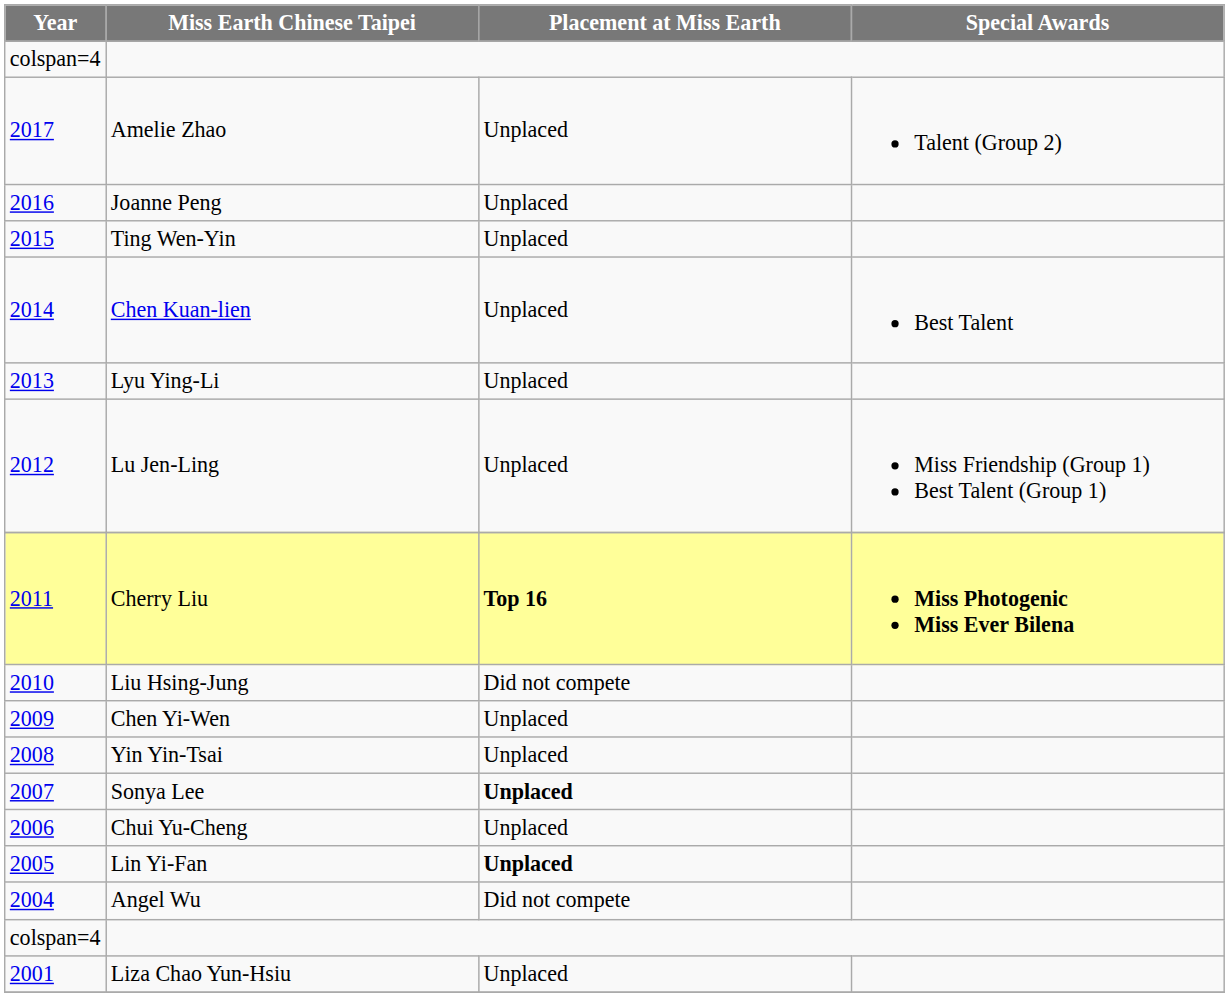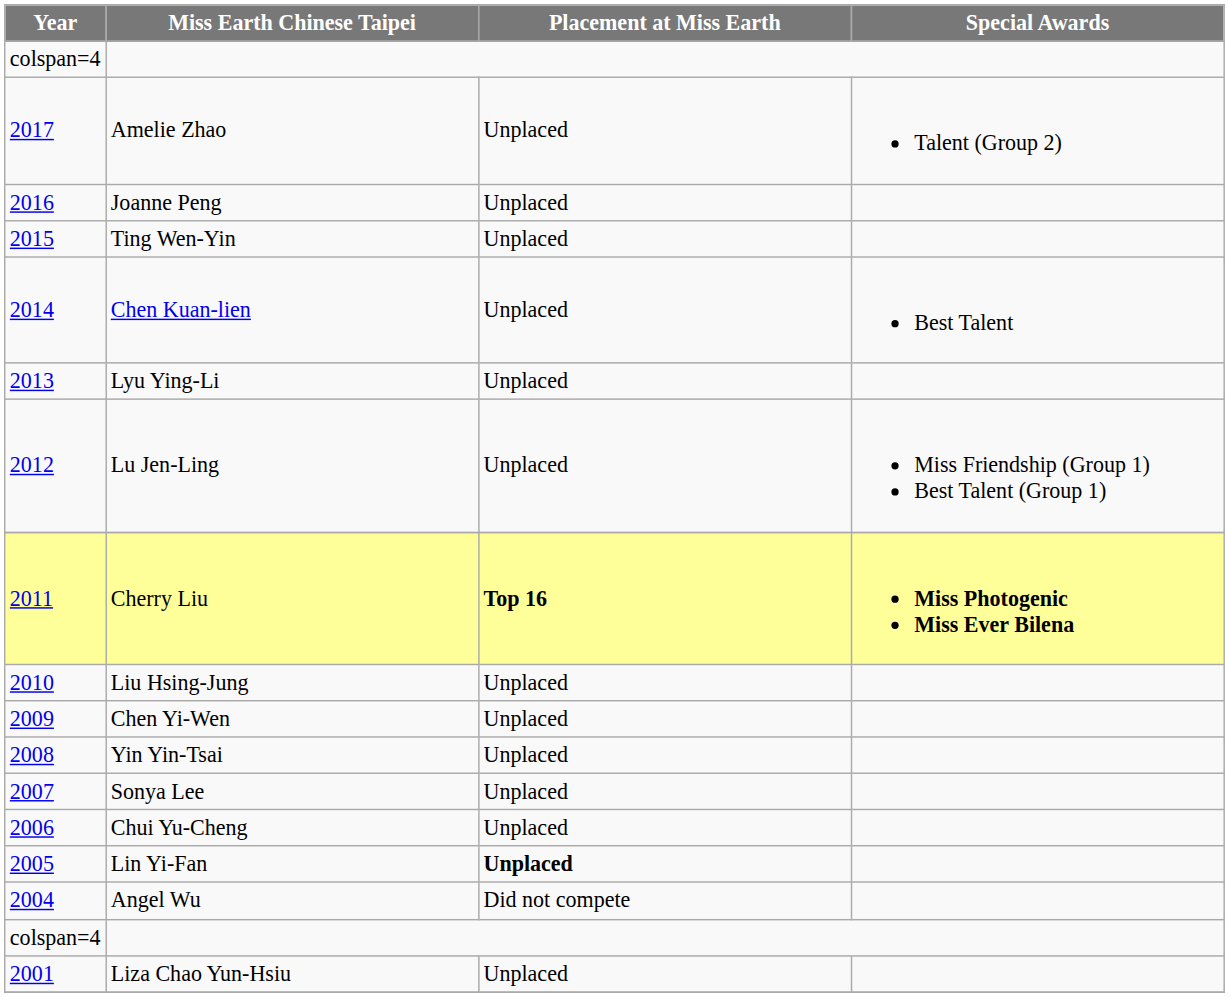 <table class="wikitable " style="font-size: 95%;">
 <tr>
 <th width="60" style="background-color:#787878;color:#FFFFFF;">Year</th>
 <th width="250" style="background-color:#787878;color:#FFFFFF;">Miss Earth Chinese Taipei</th>
 <th width="250" style="background-color:#787878;color:#FFFFFF;">Placement at Miss Earth</th>
 <th width="250" style="background-color:#787878;color:#FFFFFF;">Special Awards</th>
 </tr>
 <tr>
 <td>colspan=4 </td>
 </tr>
 <tr>
 <td><a href='#'>2017</a></td>
 <td>Amelie Zhao</td>
 <td>Unplaced</td>
 <td align="left"><br><ul><li> Talent (Group 2)</li></ul></td>
 </tr>
 <tr>
 <td><a href='#'>2016</a></td>
 <td>Joanne Peng</td>
 <td>Unplaced</td>
 <td></td>
 </tr>
 <tr>
 <td><a href='#'>2015</a></td>
 <td>Ting Wen-Yin</td>
 <td>Unplaced</td>
 <td></td>
 </tr>
 <tr>
 <td><a href='#'>2014</a></td>
 <td><a href='#'>Chen Kuan-lien</a></td>
 <td>Unplaced</td>
 <td align="left"><br><ul><li> Best Talent</li></ul></td>
 </tr>
 <tr>
 <td><a href='#'>2013</a></td>
 <td>Lyu Ying-Li</td>
 <td>Unplaced</td>
 <td></td>
 </tr>
 <tr>
 <td><a href='#'>2012</a></td>
 <td>Lu Jen-Ling</td>
 <td>Unplaced</td>
 <td align="left"><br><ul><li> Miss Friendship (Group 1)</li><li> Best Talent (Group 1)</li></ul></td>
 </tr>
 <tr>
 </tr>
 <tr style="background-color:#FFFF99">
 <td><a href='#'>2011</a></td>
 <td>Cherry Liu</td>
 <td><strong>Top 16</strong></td>
 <td align="left"><br><ul><li><strong>Miss Photogenic</strong></li><li><strong>Miss Ever Bilena</strong></li></ul></td>
 </tr>
 <tr>
 <td><a href='#'>2010</a></td>
 <td>Liu Hsing-Jung</td>
-<td>Did not compete</td>
+<td>Unplaced</td>
 <td></td>
 </tr>
 <tr>
 <td><a href='#'>2009</a></td>
 <td>Chen Yi-Wen</td>
 <td>Unplaced</td>
 <td></td>
 </tr>
 <tr>
 <td><a href='#'>2008</a></td>
 <td>Yin Yin-Tsai</td>
 <td>Unplaced</td>
 <td></td>
 </tr>
 <tr>
 <td><a href='#'>2007</a></td>
 <td>Sonya Lee</td>
-<td><strong>Unplaced</strong></td>
+<td>Unplaced</td>
 <td></td>
 </tr>
 <tr>
 <td><a href='#'>2006</a></td>
 <td>Chui Yu-Cheng</td>
 <td>Unplaced</td>
 <td></td>
 </tr>
 <tr>
 <td><a href='#'>2005</a></td>
 <td>Lin Yi-Fan</td>
 <td><strong>Unplaced</strong></td>
 <td></td>
 </tr>
 <tr>
 <td><a href='#'>2004</a></td>
 <td>Angel Wu</td>
 <td>Did not compete</td>
 <td></td>
 </tr>
 <tr>
 <td>colspan=4 </td>
 </tr>
 <tr>
 <td><a href='#'>2001</a></td>
 <td>Liza Chao Yun-Hsiu</td>
 <td>Unplaced</td>
 <td></td>
 </tr>
 <tr>
 </tr>
 </table>
